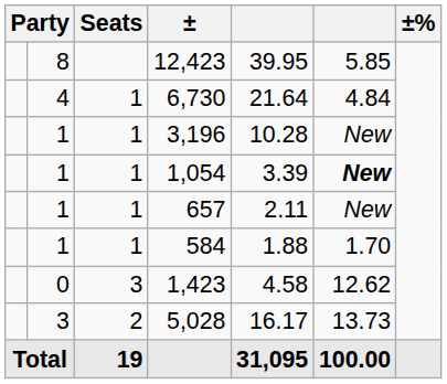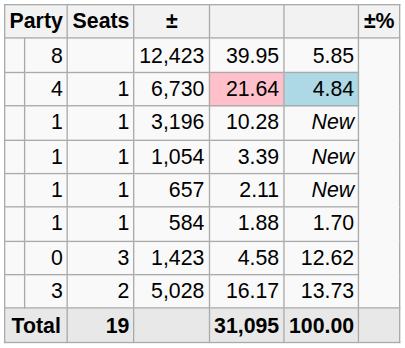 <table class=wikitable>
 <tr>
 <th colspan=2 align=center>Party</th>
 <th>Seats</th>
 <th>±</th>
 <th></th>
 <th></th>
 <th>±%</th>
 </tr>
 <tr>
 <td></td>
 <td align=right>8</td>
 <td align=right></td>
 <td align=right>12,423</td>
 <td align=right>39.95</td>
 <td align=right>5.85</td>
 </tr>
 <tr>
 <td></td>
 <td align=right>4</td>
 <td align=right>1</td>
 <td align=right>6,730</td>
-<td align=right>21.64</td>
-<td align=right>4.84</td>
+<td align=right style="background: pink;">21.64</td>
+<td align=right style="background: lightblue;">4.84</td>
 </tr>
 <tr>
 <td></td>
 <td align=right>1</td>
 <td align=right>1</td>
 <td align=right>3,196</td>
 <td align=right>10.28</td>
 <td align=right><em>New</em></td>
 </tr>
 <tr>
 <td></td>
 <td align=right>1</td>
 <td align=right>1</td>
 <td align=right>1,054</td>
 <td align=right>3.39</td>
-<td align=right><strong><em>New</em></strong></td>
+<td align=right><em>New</em></td>
 </tr>
 <tr>
 <td></td>
 <td align=right>1</td>
 <td align=right>1</td>
 <td align=right>657</td>
 <td align=right>2.11</td>
 <td align=right><em>New</em></td>
 </tr>
 <tr>
 <td></td>
 <td align=right>1</td>
 <td align=right>1</td>
 <td align=right>584</td>
 <td align=right>1.88</td>
 <td align=right>1.70</td>
 </tr>
 <tr>
 <td></td>
 <td align=right>0</td>
 <td align=right>3</td>
 <td align=right>1,423</td>
 <td align=right>4.58</td>
 <td align=right>12.62</td>
 </tr>
 <tr>
 <td></td>
 <td align=right>3</td>
 <td align=right>2</td>
 <td align=right>5,028</td>
 <td align=right>16.17</td>
 <td align=right>13.73</td>
 </tr>
 <tr style="font-weight:bold; background:rgb(232,232,232);">
 <td colspan=2 align=center>Total</td>
 <td align=right>19</td>
 <td align=center></td>
 <td align=right>31,095</td>
 <td align=center>100.00</td>
 <td align=center></td>
 </tr>
 </table>
